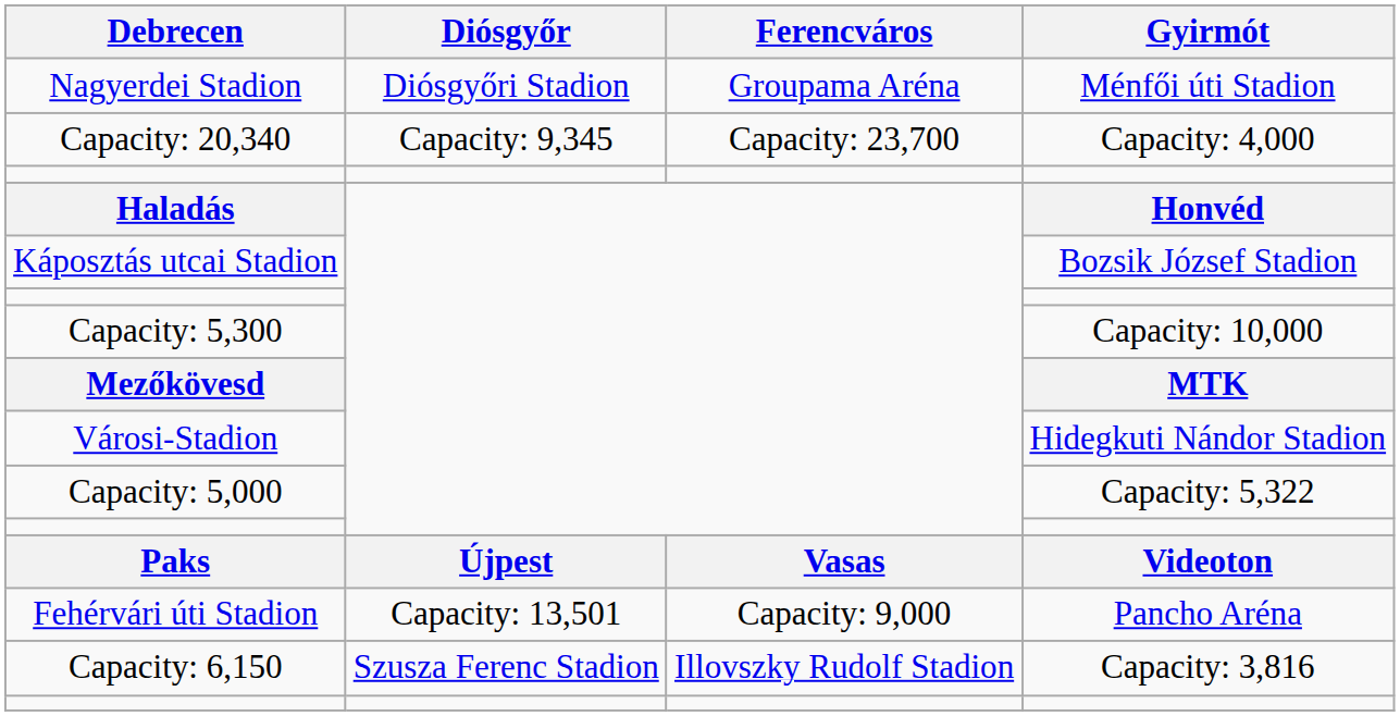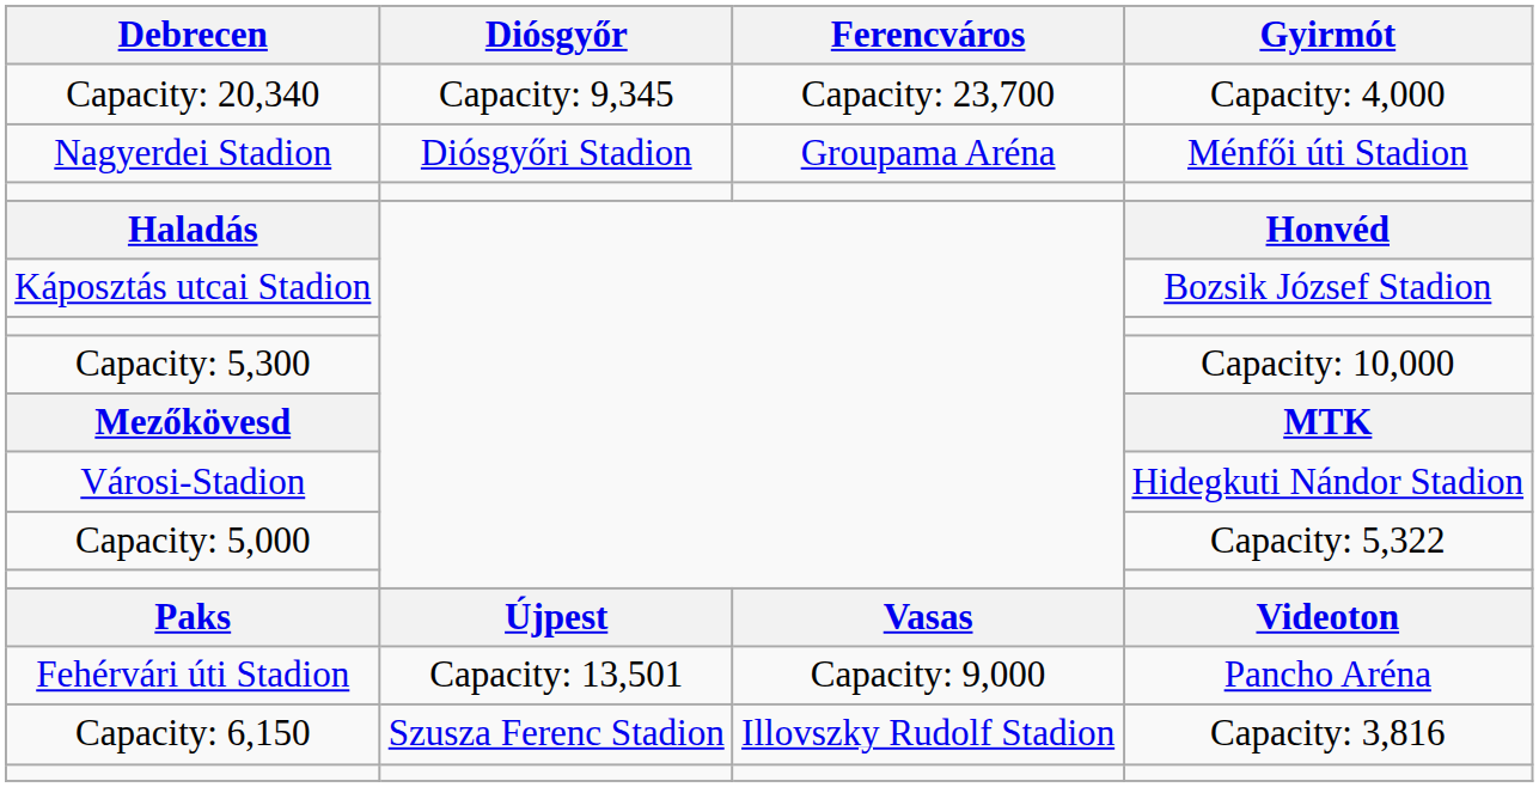 <table class="wikitable" style="text-align:center;">
 <tr>
 <th><a href='#'>Debrecen</a></th>
 <th><a href='#'>Diósgyőr</a></th>
 <th><a href='#'>Ferencváros</a></th>
 <th><a href='#'>Gyirmót</a></th>
 </tr>
 <tr>
+<td>Capacity: 20,340</td>
+<td>Capacity: 9,345</td>
+<td>Capacity: 23,700</td>
+<td>Capacity: 4,000</td>
+</tr>
+<tr>
 <td><a href='#'>Nagyerdei Stadion</a></td>
 <td><a href='#'>Diósgyőri Stadion</a></td>
 <td><a href='#'>Groupama Aréna</a></td>
 <td><a href='#'>Ménfői úti Stadion</a></td>
-</tr>
-<tr>
-<td>Capacity: 20,340</td>
-<td>Capacity: 9,345</td>
-<td>Capacity: 23,700</td>
-<td>Capacity: 4,000</td>
 </tr>
 <tr>
 <td></td>
 <td></td>
 <td></td>
 <td></td>
 </tr>
 <tr>
 <th><a href='#'>Haladás</a></th>
 <td colspan="2" rowspan="8"><br> </td>
 <th><a href='#'>Honvéd</a></th>
 </tr>
 <tr>
 <td><a href='#'>Káposztás utcai Stadion</a></td>
 <td><a href='#'>Bozsik József Stadion</a></td>
 </tr>
 <tr>
 <td></td>
 <td></td>
 </tr>
 <tr>
 <td>Capacity: 5,300</td>
 <td>Capacity: 10,000</td>
 </tr>
 <tr>
 <th><a href='#'>Mezőkövesd</a></th>
 <th><a href='#'>MTK</a></th>
 </tr>
 <tr>
 <td><a href='#'>Városi-Stadion</a></td>
 <td><a href='#'>Hidegkuti Nándor Stadion</a></td>
 </tr>
 <tr>
 <td>Capacity: 5,000</td>
 <td>Capacity: 5,322</td>
 </tr>
 <tr>
 <td></td>
 <td></td>
 </tr>
 <tr>
 <th><a href='#'>Paks</a></th>
 <th><a href='#'>Újpest</a></th>
 <th><a href='#'>Vasas</a></th>
 <th><a href='#'>Videoton</a></th>
 </tr>
 <tr>
 <td><a href='#'>Fehérvári úti Stadion</a></td>
 <td>Capacity: 13,501</td>
 <td>Capacity: 9,000</td>
 <td><a href='#'>Pancho Aréna</a></td>
 </tr>
 <tr>
 <td>Capacity: 6,150</td>
 <td><a href='#'>Szusza Ferenc Stadion</a></td>
 <td><a href='#'>Illovszky Rudolf Stadion</a></td>
 <td>Capacity: 3,816</td>
 </tr>
 <tr>
 <td></td>
 <td></td>
 <td></td>
 <td></td>
 </tr>
 </table>
